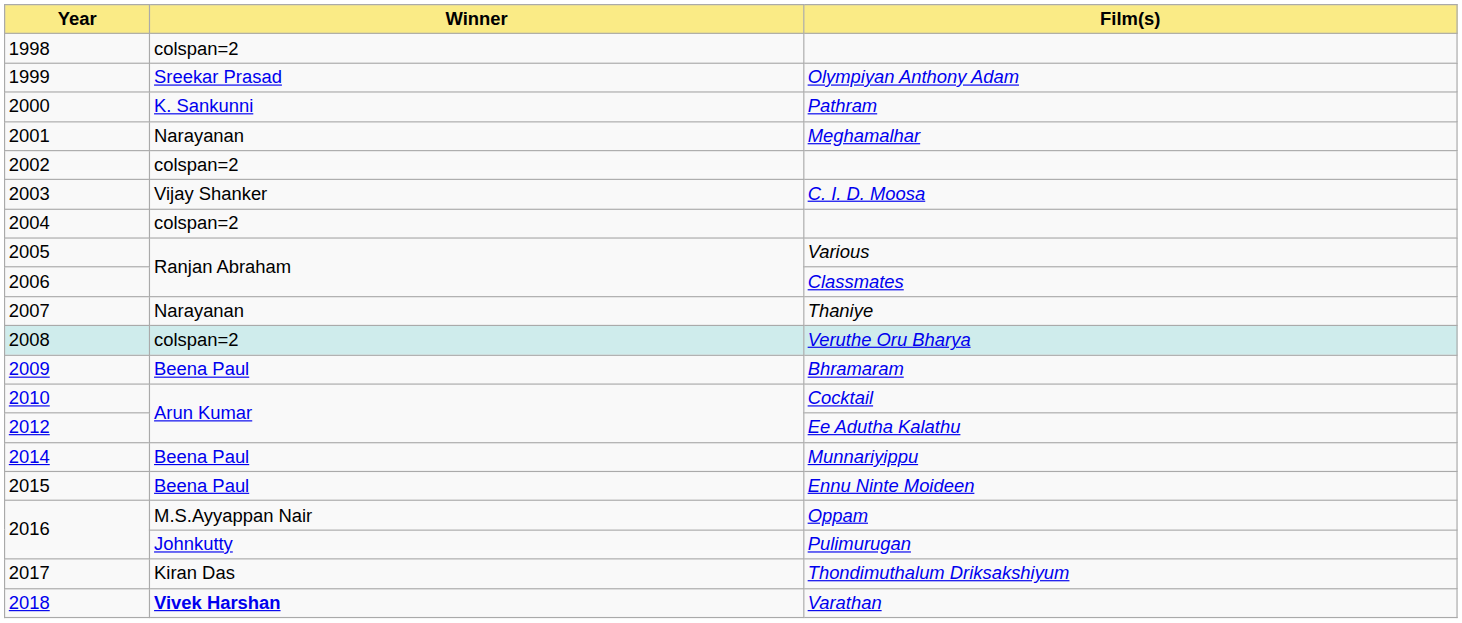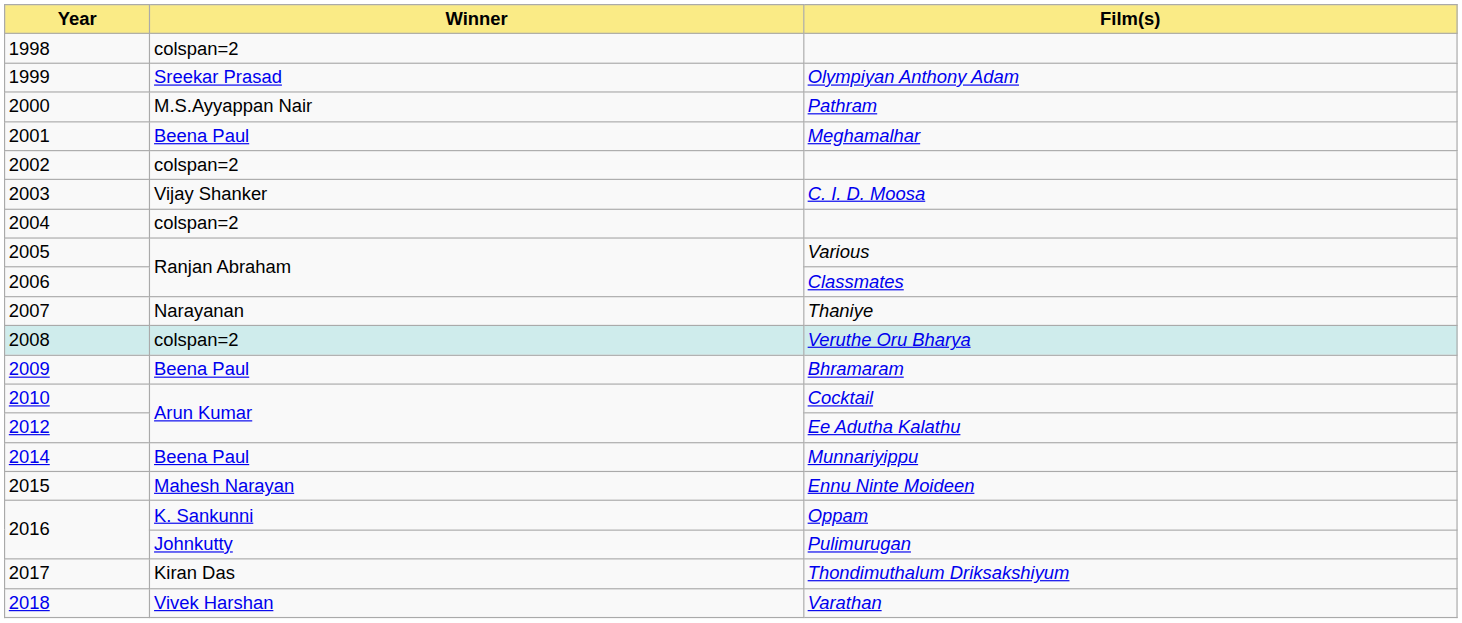 <table class="wikitable" style="width:100%">
 <tr bgcolor="#bebebe">
 <th width="10%" style="background:#FAEB86">Year</th>
 <th width="45%" style="background:#FAEB86">Winner</th>
 <th width="45%" style="background:#FAEB86">Film(s)</th>
 </tr>
 <tr>
 <td>1998</td>
 <td>colspan=2 </td>
 </tr>
 <tr>
 <td>1999</td>
 <td><a href='#'>Sreekar Prasad</a></td>
 <td><em><a href='#'>Olympiyan Anthony Adam</a></em></td>
 </tr>
 <tr>
 <td>2000</td>
-<td><a href='#'>K. Sankunni</a></td>
+<td>M.S.Ayyappan Nair</td>
 <td><em><a href='#'>Pathram</a></em></td>
 </tr>
 <tr>
 <td>2001</td>
-<td>Narayanan</td>
+<td><a href='#'>Beena Paul</a></td>
 <td><em><a href='#'>Meghamalhar</a></em></td>
 </tr>
 <tr>
 <td>2002</td>
 <td>colspan=2 </td>
 </tr>
 <tr>
 <td>2003</td>
 <td>Vijay Shanker</td>
 <td><em><a href='#'>C. I. D. Moosa</a></em></td>
 </tr>
 <tr>
 <td>2004</td>
 <td>colspan=2 </td>
 </tr>
 <tr>
 <td>2005</td>
 <td rowspan="2">Ranjan Abraham</td>
 <td><em>Various</em></td>
 </tr>
 <tr>
 <td>2006</td>
 <td><em><a href='#'>Classmates</a></em></td>
 </tr>
 <tr>
 <td>2007</td>
 <td>Narayanan</td>
 <td><em>Thaniye</em></td>
 </tr>
 <tr bgcolor="#cfecec">
 <td>2008</td>
 <td>colspan=2 </td>
 <td><em><a href='#'>Veruthe Oru Bharya</a></em></td>
 </tr>
 <tr>
 <td><a href='#'>2009</a></td>
 <td><a href='#'>Beena Paul</a></td>
 <td><em><a href='#'>Bhramaram</a></em></td>
 </tr>
 <tr>
 <td><a href='#'>2010</a></td>
 <td rowspan="2"><a href='#'>Arun Kumar</a></td>
 <td><em><a href='#'>Cocktail</a></em></td>
 </tr>
 <tr>
 <td><a href='#'>2012</a></td>
 <td><em><a href='#'>Ee Adutha Kalathu</a></em></td>
 </tr>
 <tr>
 <td><a href='#'>2014</a></td>
 <td><a href='#'>Beena Paul</a></td>
 <td><em><a href='#'>Munnariyippu</a></em></td>
 </tr>
 <tr>
 <td>2015</td>
-<td><a href='#'>Beena Paul</a></td>
+<td><a href='#'>Mahesh Narayan</a></td>
 <td><em><a href='#'>Ennu Ninte Moideen</a></em></td>
 </tr>
 <tr>
 <td rowspan=2>2016</td>
-<td>M.S.Ayyappan Nair</td>
+<td><a href='#'>K. Sankunni</a></td>
 <td><em><a href='#'>Oppam</a></em></td>
 </tr>
 <tr>
 <td><a href='#'>Johnkutty</a></td>
 <td><em><a href='#'>Pulimurugan</a></em></td>
 </tr>
 <tr>
 <td>2017</td>
 <td>Kiran Das</td>
 <td><em><a href='#'>Thondimuthalum Driksakshiyum</a></em></td>
 </tr>
 <tr>
 <td><a href='#'>2018</a></td>
-<td><strong><a href='#'>Vivek Harshan</a></strong></td>
+<td><a href='#'>Vivek Harshan</a></td>
 <td><em><a href='#'>Varathan</a></em></td>
 </tr>
 </table>
